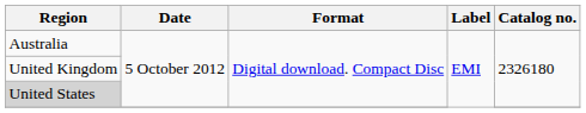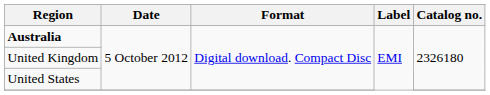 <table class=wikitable>
 <tr>
 <th>Region</th>
 <th>Date</th>
 <th>Format</th>
 <th>Label</th>
 <th>Catalog no.</th>
 </tr>
 <tr>
-<td>Australia</td>
+<td><strong>Australia</strong></td>
 <td rowspan="3">5 October 2012</td>
 <td rowspan="3"><a href='#'>Digital download</a>. <a href='#'>Compact Disc</a></td>
 <td rowspan="4"><a href='#'>EMI</a></td>
 <td rowspan="3">2326180</td>
 </tr>
 <tr>
 <td>United Kingdom</td>
 </tr>
 <tr>
-<td style="background: lightgrey;">United States</td>
+<td>United States</td>
 </tr>
 <tr>
 </tr>
 </table>
